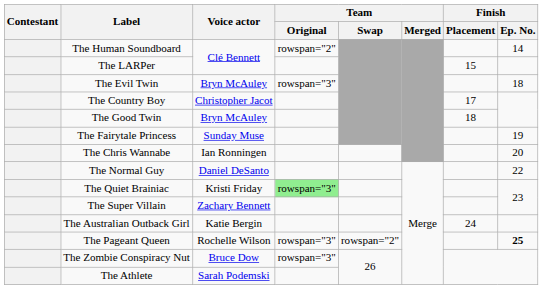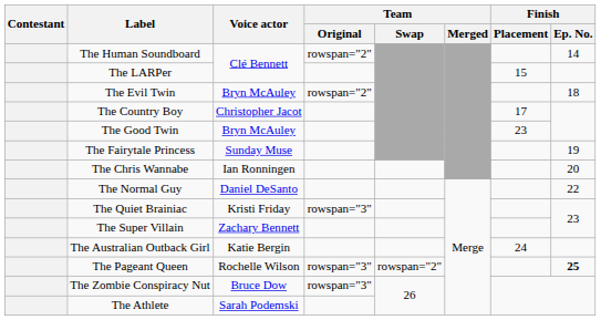 <table class="wikitable sortable nowrap" style="margin:auto; text-align:center">
 <tr>
 <th rowspan="2" scope="col">Contestant</th>
 <th rowspan="2" scope="col" class="unsortable">Label</th>
 <th rowspan="2" scope="col" class="unsortable">Voice actor</th>
 <th colspan="3" scope="colgroup">Team</th>
 <th colspan="2" scope="colgroup">Finish</th>
 </tr>
 <tr>
 <th scope="col">Original</th>
 <th scope="col">Swap</th>
 <th scope="col" class="unsortable">Merged</th>
 <th scope="col" class="unsortable">Placement</th>
 <th scope="col" class="unsortable">Ep. No.</th>
 </tr>
 <tr>
 <th scope="row" style="text-align:left"></th>
 <td>The Human Soundboard</td>
 <td rowspan="2"><a href='#'>Clé Bennett</a></td>
 <td>rowspan="2" </td>
 <td rowspan="6" style="background:darkgray;"></td>
 <td rowspan="7" style="background:darkgray;"></td>
 <td></td>
 <td>14</td>
 </tr>
 <tr>
 <th scope="row" style="text-align:left"></th>
 <td>The LARPer</td>
 <td></td>
 <td>15</td>
 </tr>
 <tr>
 <th scope="row" style="text-align:left"></th>
 <td>The Evil Twin</td>
 <td><a href='#'>Bryn McAuley</a></td>
-<td>rowspan="3" </td>
+<td>rowspan="2" </td>
 <td></td>
 <td>18</td>
 </tr>
 <tr>
 <th scope="row" style="text-align:left"></th>
 <td>The Country Boy</td>
 <td><a href='#'>Christopher Jacot</a></td>
 <td></td>
 <td>17</td>
 </tr>
 <tr>
 <th scope="row" style="text-align:left"></th>
 <td>The Good Twin</td>
 <td><a href='#'>Bryn McAuley</a></td>
 <td></td>
-<td>18</td>
+<td>23</td>
 </tr>
 <tr>
 <th scope="row" style="text-align:left"></th>
 <td>The Fairytale Princess</td>
 <td><a href='#'>Sunday Muse</a></td>
 <td></td>
 <td></td>
 <td>19</td>
 </tr>
 <tr>
 <th scope="row" style="text-align:left"></th>
 <td>The Chris Wannabe</td>
 <td>Ian Ronningen</td>
 <td></td>
 <td></td>
 <td></td>
 <td>20</td>
 </tr>
 <tr>
 <th scope="row" style="text-align:left"></th>
 <td>The Normal Guy</td>
 <td><a href='#'>Daniel DeSanto</a></td>
 <td></td>
 <td></td>
 <td rowspan="7">Merge</td>
 <td></td>
 <td>22</td>
 </tr>
 <tr>
 <th scope="row" style="text-align:left"></th>
 <td>The Quiet Brainiac</td>
 <td>Kristi Friday</td>
-<td style="background: lightgreen;">rowspan="3" </td>
+<td>rowspan="3" </td>
 <td></td>
 <td></td>
 <td rowspan="2">23</td>
 </tr>
 <tr>
 <th scope="row" style="text-align:left"></th>
 <td>The Super Villain</td>
 <td><a href='#'>Zachary Bennett</a></td>
 <td></td>
 <td></td>
 </tr>
 <tr>
 <th scope="row" style="text-align:left"></th>
 <td>The Australian Outback Girl</td>
 <td>Katie Bergin</td>
 <td></td>
 <td></td>
 <td>24</td>
 </tr>
 <tr>
 <th scope="row" style="text-align:left"></th>
 <td>The Pageant Queen</td>
 <td>Rochelle Wilson</td>
 <td>rowspan="3" </td>
 <td>rowspan="2" </td>
 <td></td>
 <td><strong>25</strong></td>
 </tr>
 <tr>
 <th scope="row" style="text-align:left"></th>
 <td>The Zombie Conspiracy Nut</td>
 <td><a href='#'>Bruce Dow</a></td>
 <td>rowspan="3" </td>
 <td rowspan="2">26</td>
 </tr>
 <tr>
 <th scope="row" style="text-align:left"></th>
 <td>The Athlete</td>
 <td><a href='#'>Sarah Podemski</a></td>
 <td></td>
 </tr>
 </table>
